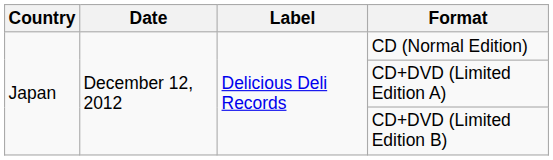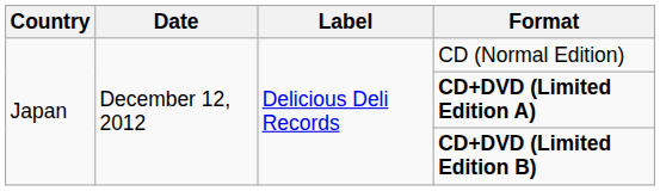 <table class="wikitable" style="width:500px">
 <tr>
 <th>Country</th>
 <th>Date</th>
 <th>Label</th>
 <th>Format</th>
 </tr>
 <tr>
 <td rowspan=3>Japan</td>
 <td rowspan=3>December 12, 2012</td>
 <td rowspan=3><a href='#'>Delicious Deli Records</a></td>
 <td>CD (Normal Edition)</td>
 </tr>
 <tr>
-<td>CD+DVD (Limited Edition A)</td>
+<td><strong>CD+DVD (Limited Edition A)</strong></td>
 </tr>
 <tr>
-<td>CD+DVD (Limited Edition B)</td>
+<td><strong>CD+DVD (Limited Edition B)</strong></td>
 </tr>
 </table>
